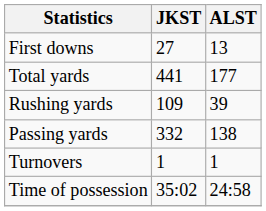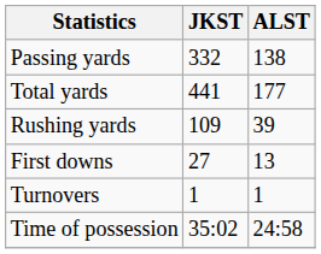 <table class="wikitable">
 <tr>
 <th>Statistics</th>
 <th>JKST</th>
 <th>ALST</th>
 </tr>
 <tr>
-<td>First downs</td>
-<td>27</td>
-<td>13</td>
+<td>Passing yards</td>
+<td>332</td>
+<td>138</td>
 </tr>
 <tr>
 <td>Total yards</td>
 <td>441</td>
 <td>177</td>
 </tr>
 <tr>
 <td>Rushing yards</td>
 <td>109</td>
 <td>39</td>
 </tr>
 <tr>
-<td>Passing yards</td>
-<td>332</td>
-<td>138</td>
+<td>First downs</td>
+<td>27</td>
+<td>13</td>
 </tr>
 <tr>
 <td>Turnovers</td>
 <td>1</td>
 <td>1</td>
 </tr>
 <tr>
 <td>Time of possession</td>
 <td>35:02</td>
 <td>24:58</td>
 </tr>
 <tr>
 </tr>
 </table>
